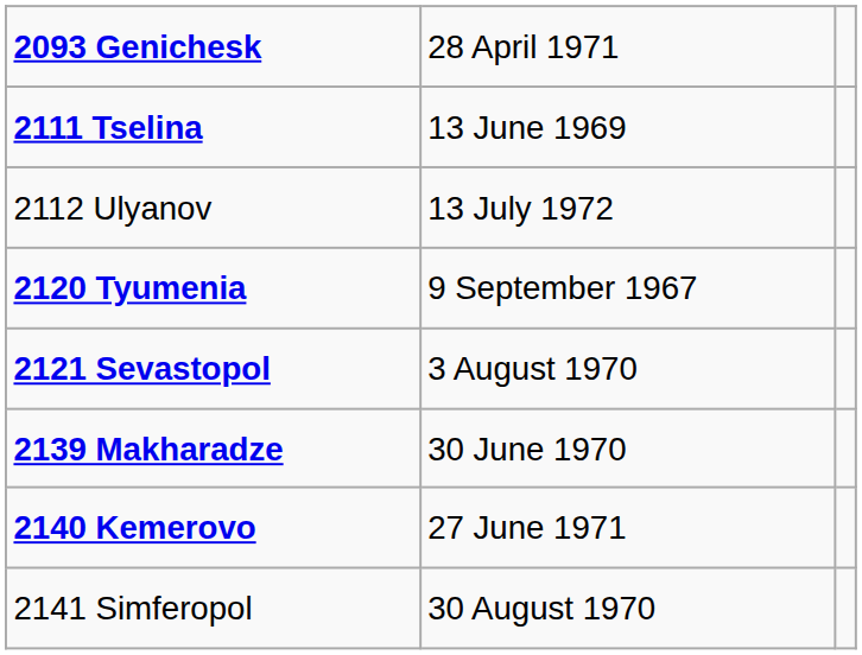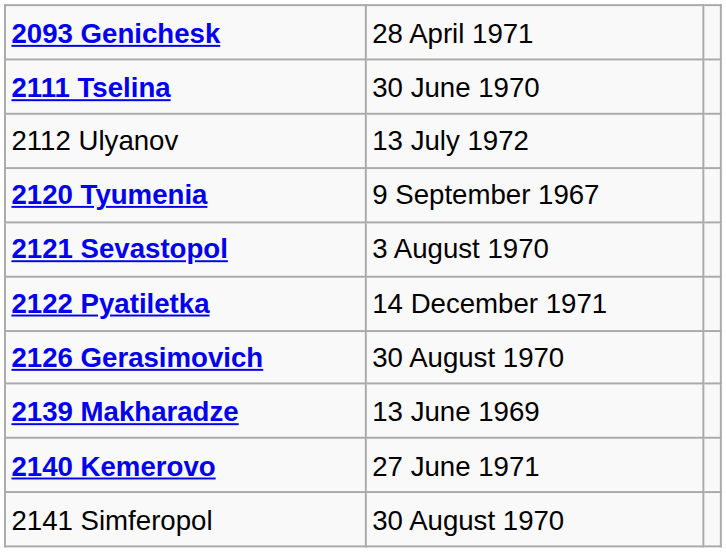 <table class="wikitable" style="font-size: 89%; float: left; width: 26em; margin-right: 1em; height: 280px;">
 <tr>
 <td><strong><a href='#'>2093 Genichesk</a></strong></td>
 <td>28 April 1971</td>
 <td></td>
 </tr>
 <tr>
 <td><strong><a href='#'>2111 Tselina</a></strong></td>
-<td>13 June 1969</td>
+<td>30 June 1970</td>
 <td></td>
 </tr>
 <tr>
 <td>2112 Ulyanov</td>
 <td>13 July 1972</td>
 <td></td>
 </tr>
 <tr>
 <td><strong><a href='#'>2120 Tyumenia</a></strong></td>
 <td>9 September 1967</td>
 <td></td>
 </tr>
 <tr>
 <td><strong><a href='#'>2121 Sevastopol</a></strong></td>
 <td>3 August 1970</td>
 <td></td>
 </tr>
 <tr>
+<td><strong><a href='#'>2122 Pyatiletka</a></strong></td>
+<td>14 December 1971</td>
+<td></td>
+</tr>
+<tr>
+<td><strong><a href='#'>2126 Gerasimovich</a></strong></td>
+<td>30 August 1970</td>
+<td></td>
+</tr>
+<tr>
 <td><strong><a href='#'>2139 Makharadze</a></strong></td>
-<td>30 June 1970</td>
+<td>13 June 1969</td>
 <td></td>
 </tr>
 <tr>
 <td><strong><a href='#'>2140 Kemerovo</a></strong></td>
 <td>27 June 1971</td>
 <td></td>
 </tr>
 <tr>
 <td>2141 Simferopol</td>
 <td>30 August 1970</td>
 <td></td>
 </tr>
 </table>
